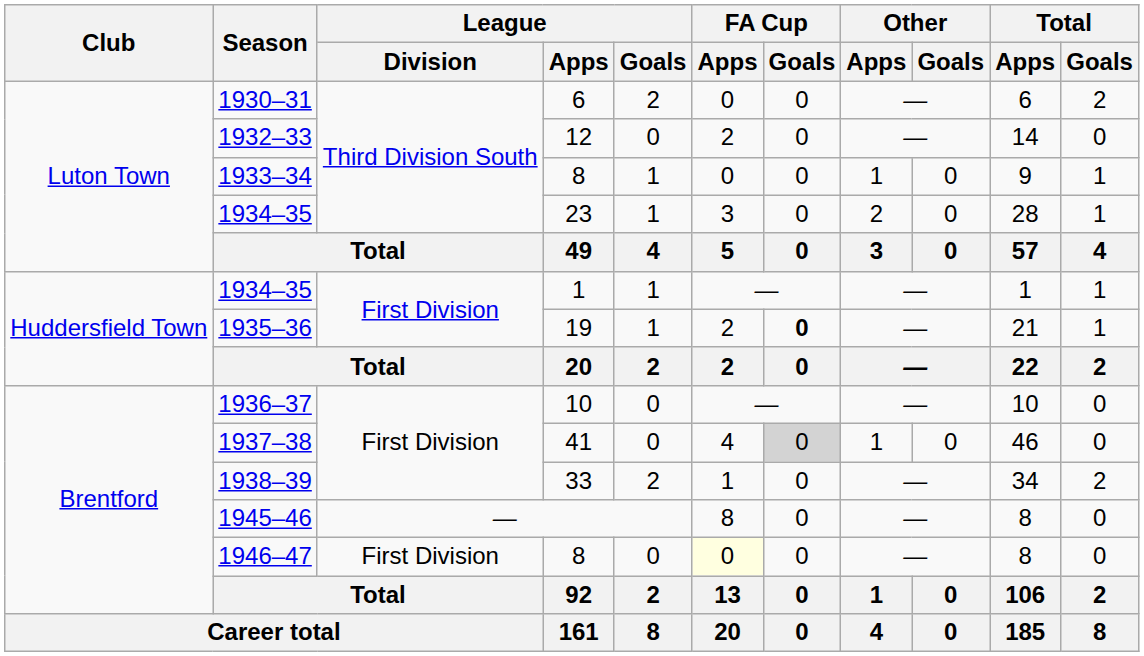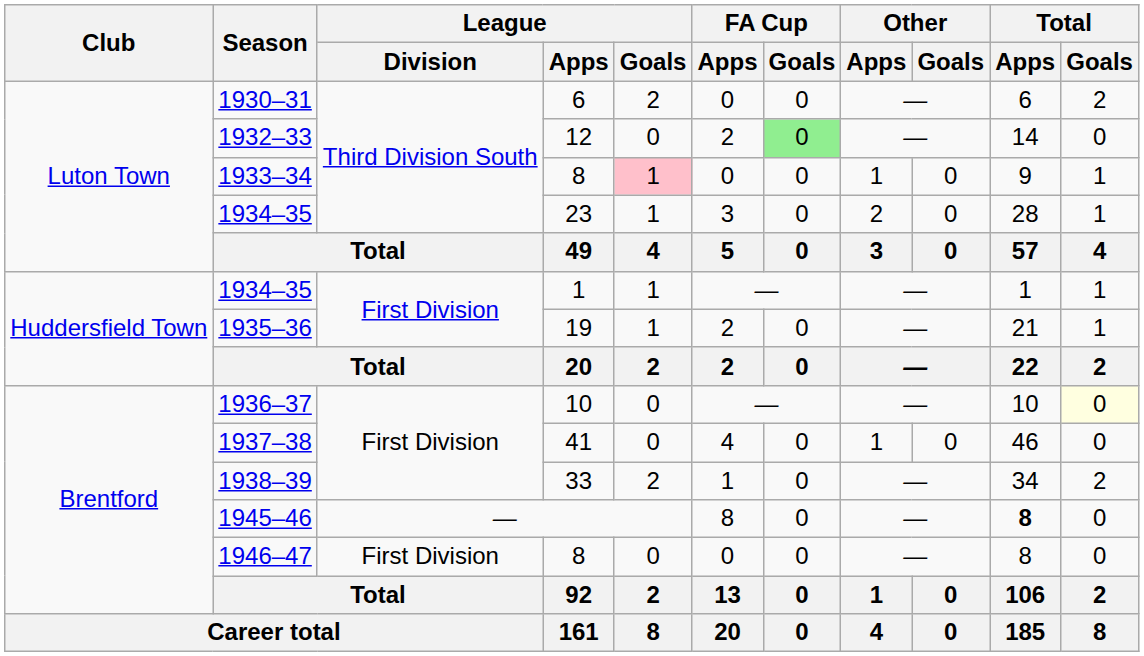 <table class="wikitable" style="text-align: center;">
 <tr>
 <th rowspan="2">Club</th>
 <th rowspan="2">Season</th>
 <th colspan="3">League</th>
 <th colspan="2">FA Cup</th>
 <th colspan="2">Other</th>
 <th colspan="2">Total</th>
 </tr>
 <tr>
 <th>Division</th>
 <th>Apps</th>
 <th>Goals</th>
 <th>Apps</th>
 <th>Goals</th>
 <th>Apps</th>
 <th>Goals</th>
 <th>Apps</th>
 <th>Goals</th>
 </tr>
 <tr>
 <td rowspan="5"><a href='#'>Luton Town</a></td>
 <td><a href='#'>1930–31</a></td>
 <td rowspan="4"><a href='#'>Third Division South</a></td>
 <td>6</td>
 <td>2</td>
 <td>0</td>
 <td>0</td>
 <td colspan="2"><em>—</em></td>
 <td>6</td>
 <td>2</td>
 </tr>
 <tr>
 <td><a href='#'>1932–33</a></td>
 <td>12</td>
 <td>0</td>
 <td>2</td>
-<td>0</td>
+<td style="background: lightgreen;">0</td>
 <td colspan="2"><em>—</em></td>
 <td>14</td>
 <td>0</td>
 </tr>
 <tr>
 <td><a href='#'>1933–34</a></td>
 <td>8</td>
-<td>1</td>
+<td style="background: pink;">1</td>
 <td>0</td>
 <td>0</td>
 <td>1</td>
 <td>0</td>
 <td>9</td>
 <td>1</td>
 </tr>
 <tr>
 <td><a href='#'>1934–35</a></td>
 <td>23</td>
 <td>1</td>
 <td>3</td>
 <td>0</td>
 <td>2</td>
 <td>0</td>
 <td>28</td>
 <td>1</td>
 </tr>
 <tr>
 <th colspan="2">Total</th>
 <th>49</th>
 <th>4</th>
 <th>5</th>
 <th>0</th>
 <th>3</th>
 <th>0</th>
 <th>57</th>
 <th>4</th>
 </tr>
 <tr>
 <td rowspan="3"><a href='#'>Huddersfield Town</a></td>
 <td><a href='#'>1934–35</a></td>
 <td rowspan="2"><a href='#'>First Division</a></td>
 <td>1</td>
 <td>1</td>
 <td colspan="2"><em>—</em></td>
 <td colspan="2"><em>—</em></td>
 <td>1</td>
 <td>1</td>
 </tr>
 <tr>
 <td><a href='#'>1935–36</a></td>
 <td>19</td>
 <td>1</td>
 <td>2</td>
-<td><strong>0</strong></td>
+<td>0</td>
 <td colspan="2"><em>—</em></td>
 <td>21</td>
 <td>1</td>
 </tr>
 <tr>
 <th colspan="2">Total</th>
 <th>20</th>
 <th>2</th>
 <th>2</th>
 <th>0</th>
 <th colspan="2"><em>—</em></th>
 <th>22</th>
 <th>2</th>
 </tr>
 <tr>
 <td rowspan="6"><a href='#'>Brentford</a></td>
 <td><a href='#'>1936–37</a></td>
 <td rowspan="3">First Division</td>
 <td>10</td>
 <td>0</td>
 <td colspan="2"><em>—</em></td>
 <td colspan="2"><em>—</em></td>
 <td>10</td>
-<td>0</td>
+<td style="background: lightyellow;">0</td>
 </tr>
 <tr>
 <td><a href='#'>1937–38</a></td>
 <td>41</td>
 <td>0</td>
 <td>4</td>
-<td style="background: lightgrey;">0</td>
+<td>0</td>
 <td>1</td>
 <td>0</td>
 <td>46</td>
 <td>0</td>
 </tr>
 <tr>
 <td><a href='#'>1938–39</a></td>
 <td>33</td>
 <td>2</td>
 <td>1</td>
 <td>0</td>
 <td colspan="2"><em>—</em></td>
 <td>34</td>
 <td>2</td>
 </tr>
 <tr>
 <td><a href='#'>1945–46</a></td>
 <td colspan="3"><em>—</em></td>
 <td>8</td>
 <td>0</td>
 <td colspan="2"><em>—</em></td>
-<td>8</td>
+<td><strong>8</strong></td>
 <td>0</td>
 </tr>
 <tr>
 <td><a href='#'>1946–47</a></td>
 <td>First Division</td>
 <td>8</td>
 <td>0</td>
-<td style="background: lightyellow;">0</td>
+<td>0</td>
 <td>0</td>
 <td colspan="2"><em>—</em></td>
 <td>8</td>
 <td>0</td>
 </tr>
 <tr>
 <th colspan="2">Total</th>
 <th>92</th>
 <th>2</th>
 <th>13</th>
 <th>0</th>
 <th>1</th>
 <th>0</th>
 <th>106</th>
 <th>2</th>
 </tr>
 <tr>
 <th colspan="3">Career total</th>
 <th>161</th>
 <th>8</th>
 <th>20</th>
 <th>0</th>
 <th>4</th>
 <th>0</th>
 <th>185</th>
 <th>8</th>
 </tr>
 </table>
